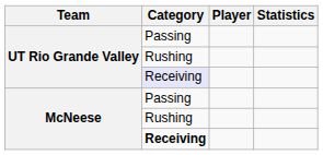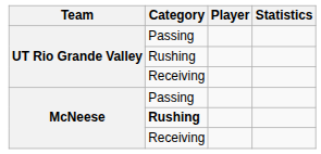 <table class="wikitable" style="float:right">
 <tr>
 <th>Team</th>
 <th>Category</th>
 <th>Player</th>
 <th>Statistics</th>
 </tr>
 <tr>
 <th rowspan=3>UT Rio Grande Valley</th>
 <td>Passing</td>
 <td></td>
 <td></td>
 </tr>
 <tr>
 <td>Rushing</td>
 <td></td>
 <td></td>
 </tr>
 <tr>
-<td style="background: lavender;">Receiving</td>
+<td>Receiving</td>
 <td></td>
 <td></td>
 </tr>
 <tr>
 <th rowspan=3>McNeese</th>
 <td>Passing</td>
 <td></td>
 <td></td>
 </tr>
 <tr>
-<td>Rushing</td>
+<td><strong>Rushing</strong></td>
 <td></td>
 <td></td>
 </tr>
 <tr>
-<td><strong>Receiving</strong></td>
+<td>Receiving</td>
 <td></td>
 <td></td>
 </tr>
 </table>
